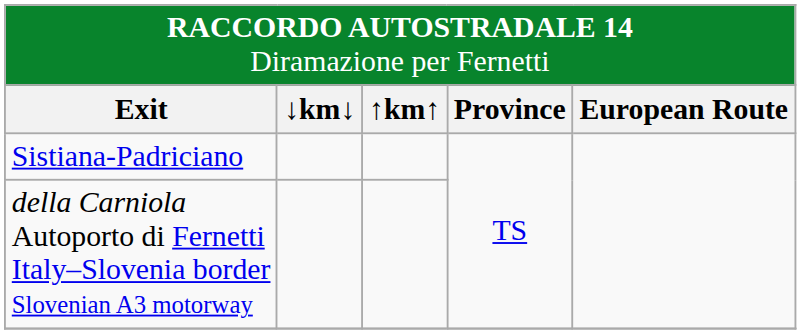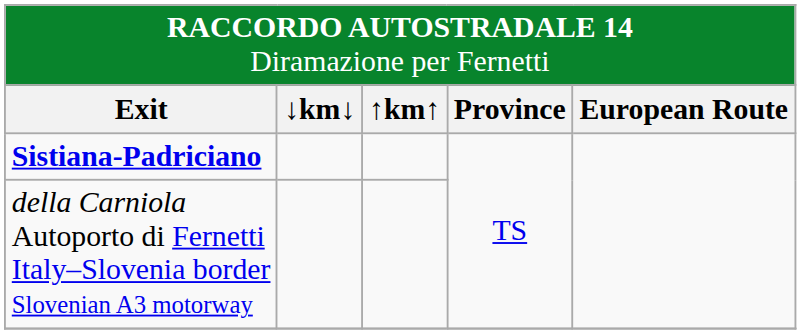 <table class="wikitable" border="1">
 <tr align="center" bgcolor="08842C" style="color: white;font-size:100%;">
 <td colspan="6"><strong> RACCORDO AUTOSTRADALE 14</strong><br>Diramazione per Fernetti</td>
 </tr>
 <tr>
 <th style="text-align:center;"><strong>Exit</strong></th>
 <th style="text-align:center;"><strong>↓km↓</strong></th>
 <th style="text-align:center;"><strong>↑km↑</strong></th>
 <th align="center"><strong>Province</strong></th>
 <th align="center"><strong>European Route</strong></th>
 </tr>
 <tr>
-<td>   <a href='#'>Sistiana-Padriciano</a></td>
+<td><strong>   <a href='#'>Sistiana-Padriciano</a></strong></td>
 <td align="right"></td>
 <td align="right"></td>
 <td rowspan=2 align="center"><a href='#'>TS</a></td>
 <td rowspan=2 align="center"></td>
 </tr>
 <tr>
 <td>     <em>della Carniola</em><br> Autoporto di <a href='#'>Fernetti</a><br>  <a href='#'>Italy–Slovenia border</a><br>  <small><a href='#'>Slovenian A3 motorway</a></small></td>
 <td align="right"></td>
 <td align="right"></td>
 </tr>
 <tr>
 </tr>
 </table>
